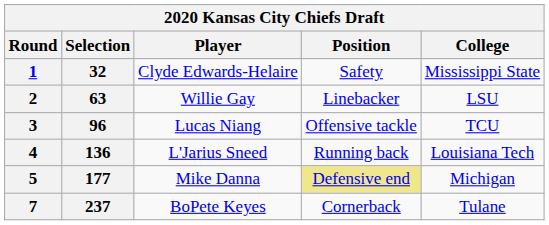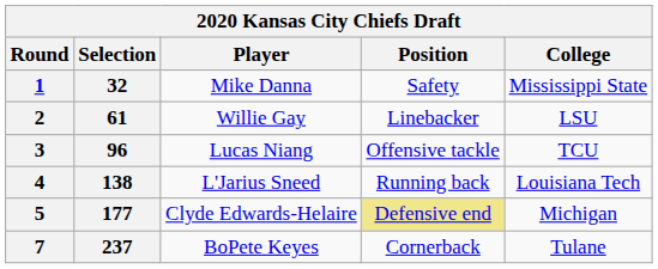 <table class="wikitable" style="text-align:center">
 <tr>
 <th colspan=5>2020 Kansas City Chiefs Draft</th>
 </tr>
 <tr>
 <th>Round</th>
 <th>Selection</th>
 <th>Player</th>
 <th>Position</th>
 <th>College</th>
 </tr>
 <tr>
 <th><a href='#'>1</a></th>
 <th>32</th>
-<td><a href='#'>Clyde Edwards-Helaire</a></td>
+<td><a href='#'>Mike Danna</a></td>
 <td><a href='#'>Safety</a></td>
 <td><a href='#'>Mississippi State</a></td>
 </tr>
 <tr>
 <th>2</th>
-<th>63</th>
+<th>61</th>
 <td><a href='#'>Willie Gay</a></td>
 <td><a href='#'>Linebacker</a></td>
 <td><a href='#'>LSU</a></td>
 </tr>
 <tr>
 <th>3</th>
 <th>96</th>
 <td><a href='#'>Lucas Niang</a></td>
 <td><a href='#'>Offensive tackle</a></td>
 <td><a href='#'>TCU</a></td>
 </tr>
 <tr>
 <th>4</th>
-<th>136</th>
+<th>138</th>
 <td><a href='#'>L'Jarius Sneed</a></td>
 <td><a href='#'>Running back</a></td>
 <td><a href='#'>Louisiana Tech</a></td>
 </tr>
 <tr>
 <th>5</th>
 <th>177</th>
-<td><a href='#'>Mike Danna</a></td>
+<td><a href='#'>Clyde Edwards-Helaire</a></td>
 <td style="background: khaki;"><a href='#'>Defensive end</a></td>
 <td><a href='#'>Michigan</a></td>
 </tr>
 <tr>
 <th>7</th>
 <th>237</th>
 <td><a href='#'>BoPete Keyes</a></td>
 <td><a href='#'>Cornerback</a></td>
 <td><a href='#'>Tulane</a></td>
 </tr>
 </table>
